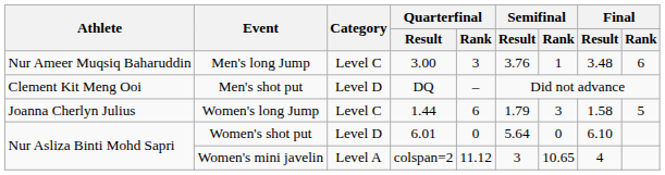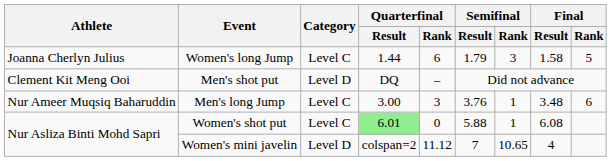 <table class=wikitable style="font-size:90%">
 <tr>
 <th rowspan="2">Athlete</th>
 <th rowspan="2">Event</th>
 <th rowspan="2">Category</th>
 <th colspan="2">Quarterfinal</th>
 <th colspan="2">Semifinal</th>
 <th colspan="2">Final</th>
 </tr>
 <tr style="font-size:95%">
 <th>Result</th>
 <th>Rank</th>
 <th>Result</th>
 <th>Rank</th>
 <th>Result</th>
 <th>Rank</th>
 </tr>
 <tr align=center>
+<td align=left>Joanna Cherlyn Julius</td>
+<td>Women's long Jump</td>
+<td>Level C</td>
+<td>1.44</td>
+<td>6</td>
+<td>1.79</td>
+<td>3</td>
+<td>1.58</td>
+<td>5</td>
+</tr>
+<tr align=center>
+<td align=left>Clement Kit Meng Ooi</td>
+<td>Men's shot put</td>
+<td>Level D</td>
+<td>DQ</td>
+<td>–</td>
+<td colspan=4>Did not advance</td>
+</tr>
+<tr align=center>
 <td align=left>Nur Ameer Muqsiq Baharuddin</td>
 <td>Men's long Jump</td>
 <td>Level C</td>
 <td>3.00</td>
 <td>3</td>
 <td>3.76</td>
 <td>1</td>
 <td>3.48</td>
 <td>6</td>
 </tr>
 <tr align=center>
-<td align=left>Clement Kit Meng Ooi</td>
-<td>Men's shot put</td>
-<td>Level D</td>
-<td>DQ</td>
-<td>–</td>
-<td colspan=4>Did not advance</td>
-</tr>
-<tr align=center>
-<td align=left>Joanna Cherlyn Julius</td>
-<td>Women's long Jump</td>
-<td>Level C</td>
-<td>1.44</td>
-<td>6</td>
-<td>1.79</td>
-<td>3</td>
-<td>1.58</td>
-<td>5</td>
-</tr>
-<tr align=center>
 <td rowspan=2 align=left>Nur Asliza Binti Mohd Sapri</td>
 <td>Women's shot put</td>
-<td>Level D</td>
-<td>6.01</td>
+<td>Level C</td>
+<td style="background: lightgreen;">6.01</td>
 <td>0</td>
-<td>5.64</td>
-<td>0</td>
-<td>6.10</td>
+<td>5.88</td>
+<td>1</td>
+<td>6.08</td>
 <td></td>
 </tr>
 <tr align=center>
 <td>Women's mini javelin</td>
-<td>Level A</td>
+<td>Level D</td>
 <td>colspan=2 </td>
 <td>11.12</td>
-<td>3</td>
+<td>7</td>
 <td>10.65</td>
 <td>4</td>
 </tr>
 </table>
